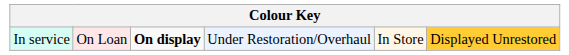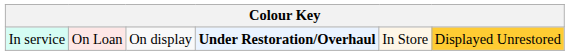 <table class="wikitable" style="margin:1em auto;">
 <tr>
 <th colspan="6">Colour Key</th>
 </tr>
 <tr align=center>
 <td bgcolor=#d5fdf4>In service</td>
 <td bgcolor=#fee7e6>On Loan</td>
-<td><strong>On display</strong></td>
-<td bgcolor=#eaf3ff>Under Restoration/Overhaul</td>
+<td>On display</td>
+<td bgcolor=#eaf3ff><strong>Under Restoration/Overhaul</strong></td>
 <td bgcolor=#fef6e7>In Store</td>
 <td bgcolor=#fc3>Displayed Unrestored</td>
 </tr>
 </table>
